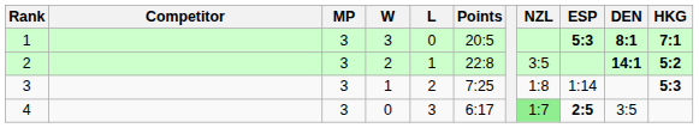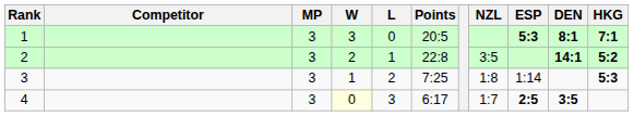 <table class="wikitable" style="text-align:center">
 <tr>
 <th>Rank</th>
 <th style="width:18em">Competitor</th>
 <th style="width:2.5em">MP</th>
 <th style="width:2.5em">W</th>
 <th style="width:2.5em">L</th>
 <th>Points</th>
 <th rowspan="5"> </th>
 <th style="width:2.5em">NZL</th>
 <th style="width:2.5em">ESP</th>
 <th style="width:2.5em">DEN</th>
 <th style="width:2.5em">HKG</th>
 </tr>
 <tr style="background:#cfc;">
 <td>1</td>
 <td style="text-align:left"></td>
 <td>3</td>
 <td>3</td>
 <td>0</td>
 <td>20:5</td>
 <td></td>
 <td><strong>5:3</strong></td>
 <td><strong>8:1</strong></td>
 <td><strong>7:1</strong></td>
 </tr>
 <tr style="background:#cfc;">
 <td>2</td>
 <td style="text-align:left"></td>
 <td>3</td>
 <td>2</td>
 <td>1</td>
 <td>22:8</td>
 <td>3:5</td>
 <td></td>
 <td><strong>14:1</strong></td>
 <td><strong>5:2</strong></td>
 </tr>
 <tr>
 <td>3</td>
 <td style="text-align:left"></td>
 <td>3</td>
 <td>1</td>
 <td>2</td>
 <td>7:25</td>
 <td>1:8</td>
 <td>1:14</td>
 <td></td>
 <td><strong>5:3</strong></td>
 </tr>
 <tr>
 <td>4</td>
 <td style="text-align:left"></td>
 <td>3</td>
-<td>0</td>
+<td style="background: lightyellow;">0</td>
 <td>3</td>
 <td>6:17</td>
-<td style="background: lightgreen;">1:7</td>
+<td>1:7</td>
 <td><strong>2:5</strong></td>
-<td>3:5</td>
+<td><strong>3:5</strong></td>
 <td></td>
 </tr>
 </table>
